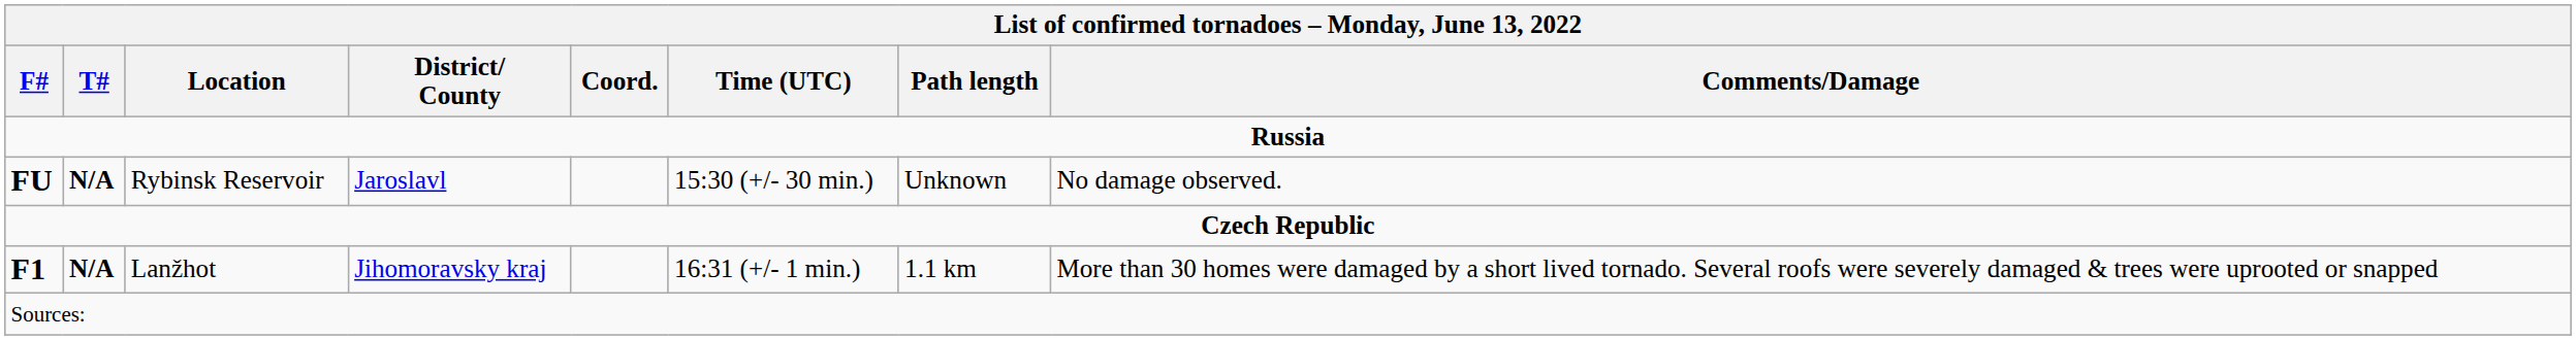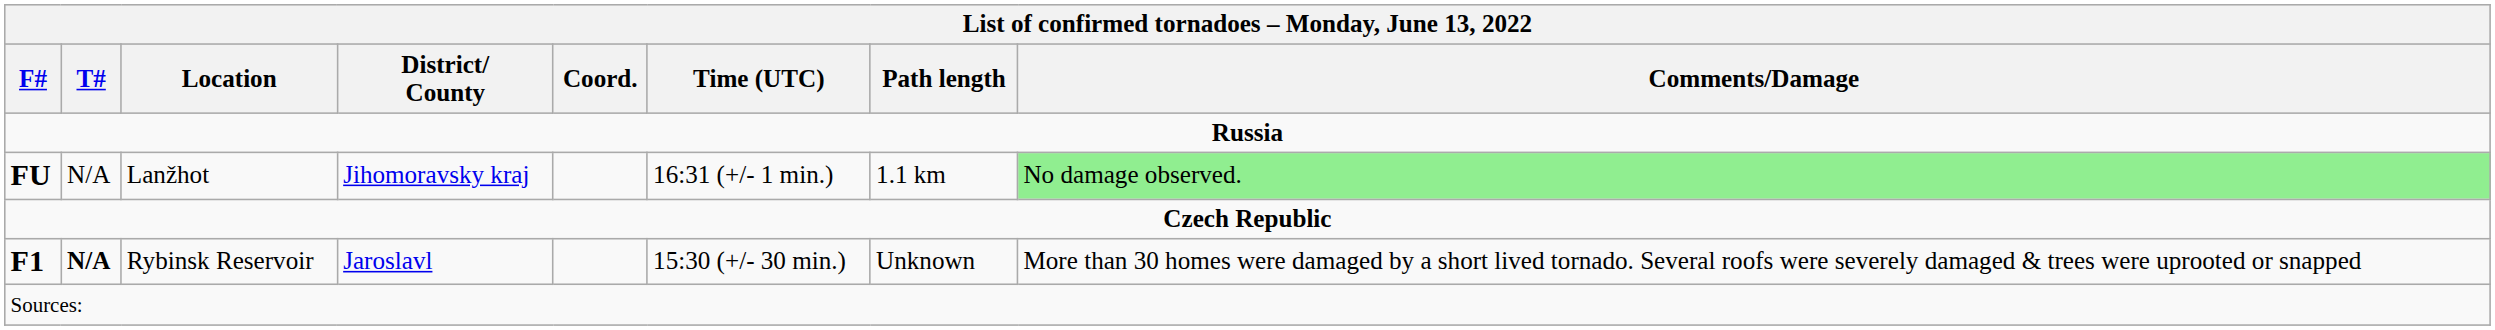 <table class="wikitable collapsible" width="100%">
 <tr>
 <th colspan="8">List of confirmed tornadoes – Monday, June 13, 2022</th>
 </tr>
 <tr>
 <th><a href='#'>F#</a></th>
 <th><a href='#'>T#</a></th>
 <th>Location</th>
 <th>District/<br>County</th>
 <th>Coord.</th>
 <th>Time (UTC)</th>
 <th>Path length</th>
 <th>Comments/Damage</th>
 </tr>
 <tr>
 <td colspan="8" align=center><strong>Russia</strong></td>
 </tr>
 <tr>
 <td><big><strong>FU</strong></big></td>
-<td><strong>N/A</strong></td>
-<td>Rybinsk Reservoir</td>
-<td><a href='#'>Jaroslavl</a></td>
+<td>N/A</td>
+<td>Lanžhot</td>
+<td><a href='#'>Jihomoravsky kraj</a></td>
 <td></td>
-<td>15:30 (+/- 30 min.)</td>
-<td>Unknown</td>
-<td>No damage observed.</td>
+<td>16:31 (+/- 1 min.)</td>
+<td>1.1 km</td>
+<td style="background: lightgreen;">No damage observed.</td>
 </tr>
 <tr>
 <td colspan="8" align=center><strong>Czech Republic</strong></td>
 </tr>
 <tr>
 <td><big><strong>F1</strong></big></td>
 <td><strong>N/A</strong></td>
-<td>Lanžhot</td>
-<td><a href='#'>Jihomoravsky kraj</a></td>
+<td>Rybinsk Reservoir</td>
+<td><a href='#'>Jaroslavl</a></td>
 <td></td>
-<td>16:31 (+/- 1 min.)</td>
-<td>1.1 km</td>
+<td>15:30 (+/- 30 min.)</td>
+<td>Unknown</td>
 <td>More than 30 homes were damaged by a short lived tornado. Several roofs were severely damaged & trees were uprooted or snapped</td>
 </tr>
 <tr>
 <td colspan="8"><small>Sources:  </small></td>
 </tr>
 </table>
